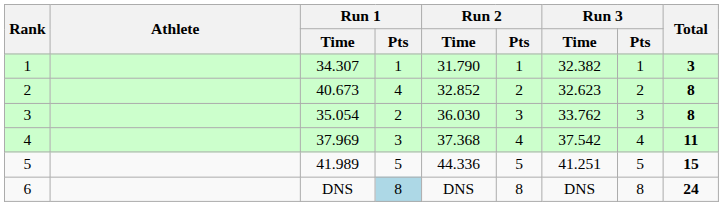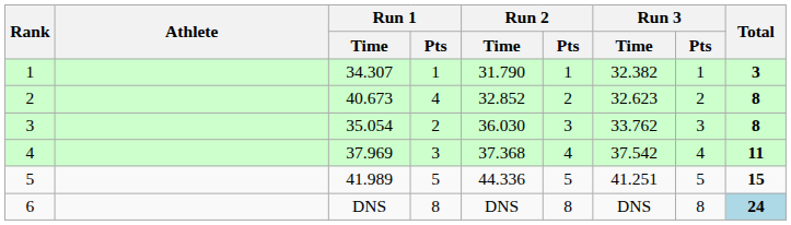 <table class=wikitable style="text-align:center">
 <tr>
 <th rowspan="2" width=40>Rank</th>
 <th rowspan="2" width=250>Athlete</th>
 <th colspan="2">Run 1</th>
 <th colspan="2">Run 2</th>
 <th colspan="2">Run 3</th>
 <th rowspan="2" width=50>Total</th>
 </tr>
 <tr>
 <th width=70>Time</th>
 <th width=40>Pts</th>
 <th width=70>Time</th>
 <th width=40>Pts</th>
 <th width=70>Time</th>
 <th width=40>Pts</th>
 </tr>
 <tr bgcolor="ccffcc">
 <td>1</td>
 <td align=left></td>
 <td>34.307</td>
 <td>1</td>
 <td>31.790</td>
 <td>1</td>
 <td>32.382</td>
 <td>1</td>
 <td><strong>3</strong></td>
 </tr>
 <tr bgcolor="ccffcc">
 <td>2</td>
 <td align=left></td>
 <td>40.673</td>
 <td>4</td>
 <td>32.852</td>
 <td>2</td>
 <td>32.623</td>
 <td>2</td>
 <td><strong>8</strong></td>
 </tr>
 <tr bgcolor="ccffcc">
 <td>3</td>
 <td align=left></td>
 <td>35.054</td>
 <td>2</td>
 <td>36.030</td>
 <td>3</td>
 <td>33.762</td>
 <td>3</td>
 <td><strong>8</strong></td>
 </tr>
 <tr bgcolor="ccffcc">
 <td>4</td>
 <td align=left></td>
 <td>37.969</td>
 <td>3</td>
 <td>37.368</td>
 <td>4</td>
 <td>37.542</td>
 <td>4</td>
 <td><strong>11</strong></td>
 </tr>
 <tr>
 <td>5</td>
 <td align=left></td>
 <td>41.989</td>
 <td>5</td>
 <td>44.336</td>
 <td>5</td>
 <td>41.251</td>
 <td>5</td>
 <td><strong>15</strong></td>
 </tr>
 <tr>
 <td>6</td>
 <td align=left></td>
 <td>DNS</td>
-<td style="background: lightblue;">8</td>
+<td>8</td>
 <td>DNS</td>
 <td>8</td>
 <td>DNS</td>
 <td>8</td>
-<td><strong>24</strong></td>
+<td style="background: lightblue;"><strong>24</strong></td>
 </tr>
 </table>
